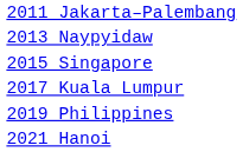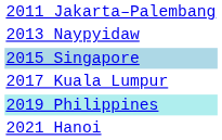 <table>
 <tr>
 <td><a href='#'>2011 Jakarta–Palembang</a></td>
 <td></td>
 <td></td>
 <td></td>
 </tr>
 <tr>
 <td><a href='#'>2013 Naypyidaw</a></td>
 <td></td>
 <td></td>
 <td></td>
 </tr>
 <tr>
-<td><a href='#'>2015 Singapore</a></td>
+<td style="background: lightblue;"><a href='#'>2015 Singapore</a></td>
 <td></td>
 <td></td>
 <td></td>
 </tr>
 <tr>
 <td><a href='#'>2017 Kuala Lumpur</a></td>
 <td></td>
 <td></td>
 <td></td>
 </tr>
 <tr>
-<td><a href='#'>2019 Philippines</a></td>
+<td style="background: paleturquoise;"><a href='#'>2019 Philippines</a></td>
 <td></td>
 <td></td>
 <td></td>
 </tr>
 <tr>
 <td><a href='#'>2021 Hanoi</a></td>
 <td></td>
 <td></td>
 <td></td>
 </tr>
 </table>
